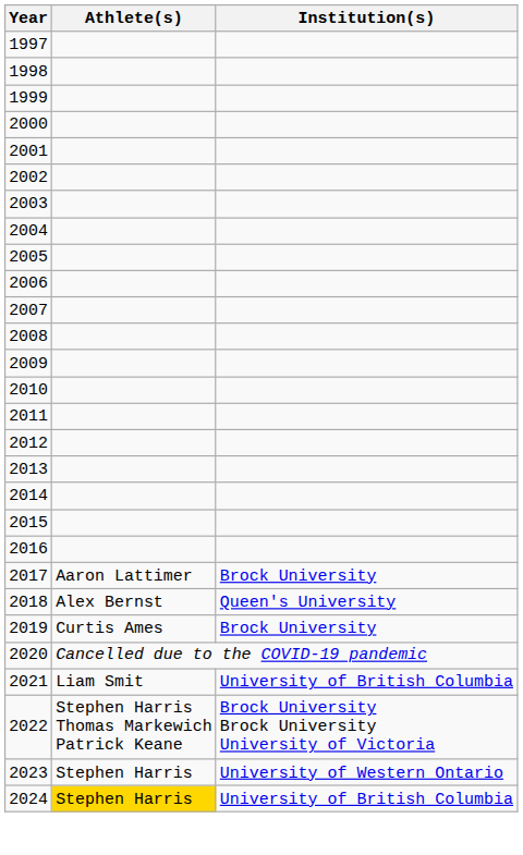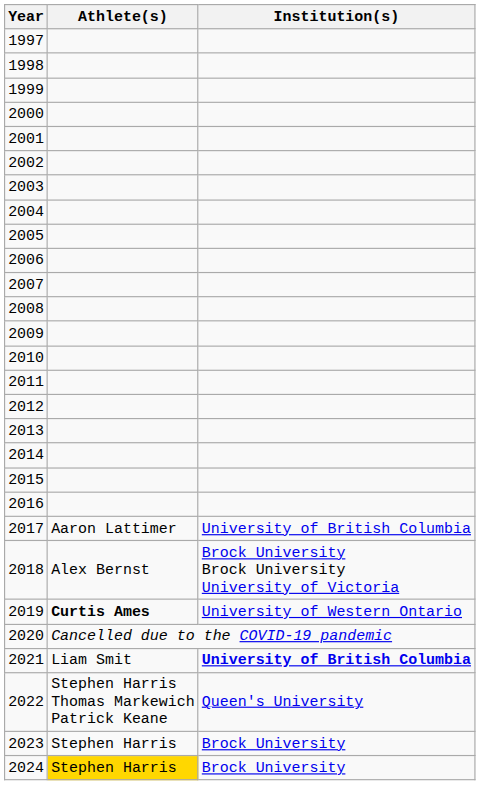 <table class="wikitable mw-collapsible mw-collapsed">
 <tr>
 <th>Year</th>
 <th>Athlete(s)</th>
 <th>Institution(s)</th>
 </tr>
 <tr>
 <td>1997</td>
 <td></td>
 <td></td>
 </tr>
 <tr>
 <td>1998</td>
 <td></td>
 <td></td>
 </tr>
 <tr>
 <td>1999</td>
 <td></td>
 <td></td>
 </tr>
 <tr>
 <td>2000</td>
 <td></td>
 <td></td>
 </tr>
 <tr>
 <td>2001</td>
 <td></td>
 <td></td>
 </tr>
 <tr>
 <td>2002</td>
 <td></td>
 <td></td>
 </tr>
 <tr>
 <td>2003</td>
 <td></td>
 <td></td>
 </tr>
 <tr>
 <td>2004</td>
 <td></td>
 <td></td>
 </tr>
 <tr>
 <td>2005</td>
 <td></td>
 <td></td>
 </tr>
 <tr>
 <td>2006</td>
 <td></td>
 <td></td>
 </tr>
 <tr>
 <td>2007</td>
 <td></td>
 <td></td>
 </tr>
 <tr>
 <td>2008</td>
 <td></td>
 <td></td>
 </tr>
 <tr>
 <td>2009</td>
 <td></td>
 <td></td>
 </tr>
 <tr>
 <td>2010</td>
 <td></td>
 <td></td>
 </tr>
 <tr>
 <td>2011</td>
 <td></td>
 <td></td>
 </tr>
 <tr>
 <td>2012</td>
 <td></td>
 <td></td>
 </tr>
 <tr>
 <td>2013</td>
 <td></td>
 <td></td>
 </tr>
 <tr>
 <td>2014</td>
 <td></td>
 <td></td>
 </tr>
 <tr>
 <td>2015</td>
 <td></td>
 <td></td>
 </tr>
 <tr>
 <td>2016</td>
 <td></td>
 <td></td>
 </tr>
 <tr>
 <td>2017</td>
 <td>Aaron Lattimer</td>
-<td><a href='#'>Brock University</a></td>
+<td><a href='#'>University of British Columbia</a></td>
 </tr>
 <tr>
 <td>2018</td>
 <td>Alex Bernst</td>
-<td><a href='#'>Queen's University</a></td>
+<td><a href='#'>Brock University</a><br>Brock University<br><a href='#'>University of Victoria</a></td>
 </tr>
 <tr>
 <td>2019</td>
-<td>Curtis Ames</td>
-<td><a href='#'>Brock University</a></td>
+<td><strong>Curtis Ames</strong></td>
+<td><a href='#'>University of Western Ontario</a></td>
 </tr>
 <tr>
 <td>2020</td>
 <td colspan = 2><em>Cancelled due to the <a href='#'>COVID-19 pandemic</a></em></td>
 </tr>
 <tr>
 <td>2021</td>
 <td>Liam Smit</td>
-<td><a href='#'>University of British Columbia</a></td>
+<td><strong><a href='#'>University of British Columbia</a></strong></td>
 </tr>
 <tr>
 <td>2022</td>
 <td>Stephen Harris<br>Thomas Markewich<br>Patrick Keane</td>
-<td><a href='#'>Brock University</a><br>Brock University<br><a href='#'>University of Victoria</a></td>
+<td><a href='#'>Queen's University</a></td>
 </tr>
 <tr>
 <td>2023</td>
 <td>Stephen Harris</td>
-<td><a href='#'>University of Western Ontario</a></td>
+<td><a href='#'>Brock University</a></td>
 </tr>
 <tr>
 <td>2024</td>
 <td style="background: gold;">Stephen Harris</td>
-<td><a href='#'>University of British Columbia</a></td>
+<td><a href='#'>Brock University</a></td>
 </tr>
 </table>
